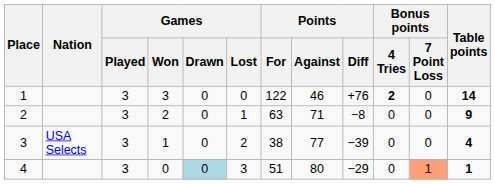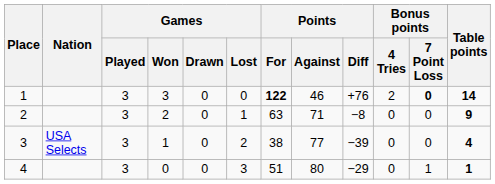 <table class="wikitable" style="width:100%;">
 <tr>
 <th rowspan="2" style="width:5%;">Place</th>
 <th rowspan="2" style="width:18%;">Nation</th>
 <th colspan="4" style="width:32%;">Games</th>
 <th colspan="3" style="width:18%;">Points</th>
 <th colspan="2" style="width:16%;">Bonus<br>points</th>
 <th rowspan="2" style="width:10%;">Table<br>points</th>
 </tr>
 <tr>
 <th style="width:8%;">Played</th>
 <th style="width:8%;">Won</th>
 <th style="width:8%;">Drawn</th>
 <th style="width:8%;">Lost</th>
 <th style="width:8%;">For</th>
 <th style="width:8%;">Against</th>
 <th style="width:8%;">Diff</th>
 <th style="width:8%;">4 Tries</th>
 <th style="width:8%;">7 Point Loss</th>
 </tr>
 <tr align=center>
 <td>1</td>
 <td align=left></td>
 <td>3</td>
 <td>3</td>
 <td>0</td>
 <td>0</td>
-<td>122</td>
+<td><strong>122</strong></td>
 <td>46</td>
 <td>+76</td>
-<td><strong>2</strong></td>
-<td>0</td>
+<td>2</td>
+<td><strong>0</strong></td>
 <td><strong>14</strong></td>
 </tr>
 <tr align=center>
 <td>2</td>
 <td align=left></td>
 <td>3</td>
 <td>2</td>
 <td>0</td>
 <td>1</td>
 <td>63</td>
 <td>71</td>
 <td>−8</td>
 <td>0</td>
 <td>0</td>
 <td><strong>9</strong></td>
 </tr>
 <tr align=center>
 <td>3</td>
 <td align=left> <a href='#'>USA Selects</a></td>
 <td>3</td>
 <td>1</td>
 <td>0</td>
 <td>2</td>
 <td>38</td>
 <td>77</td>
 <td>−39</td>
 <td>0</td>
 <td>0</td>
 <td><strong>4</strong></td>
 </tr>
 <tr align=center>
 <td>4</td>
 <td align=left></td>
 <td>3</td>
 <td>0</td>
-<td style="background: lightblue;">0</td>
+<td>0</td>
 <td>3</td>
 <td>51</td>
 <td>80</td>
 <td>−29</td>
 <td>0</td>
-<td style="background: lightsalmon;">1</td>
+<td>1</td>
 <td><strong>1</strong></td>
 </tr>
 </table>
